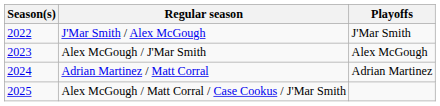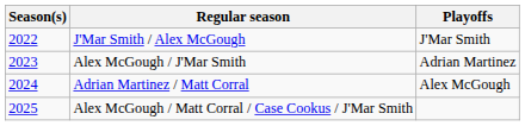 <table class="wikitable">
 <tr>
 <th>Season(s)</th>
 <th>Regular season</th>
 <th>Playoffs</th>
 </tr>
 <tr>
 <td><a href='#'>2022</a></td>
 <td><a href='#'>J'Mar Smith</a>  / <a href='#'>Alex McGough</a> </td>
 <td>J'Mar Smith </td>
 </tr>
 <tr>
 <td><a href='#'>2023</a></td>
 <td>Alex McGough  / J'Mar Smith </td>
-<td>Alex McGough </td>
+<td>Adrian Martinez </td>
 </tr>
 <tr>
 <td><a href='#'>2024</a></td>
 <td><a href='#'>Adrian Martinez</a>  / <a href='#'>Matt Corral</a> </td>
-<td>Adrian Martinez </td>
+<td>Alex McGough </td>
 </tr>
 <tr>
 <td><a href='#'>2025</a></td>
 <td>Alex McGough  / Matt Corral  / <a href='#'>Case Cookus</a>  / J'Mar Smith </td>
 <td></td>
 </tr>
 </table>
